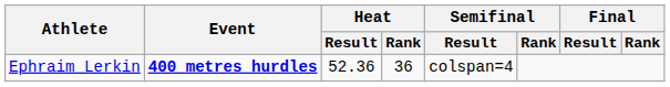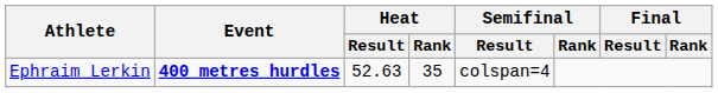 <table class=wikitable style=font-size:90%>
 <tr>
 <th rowspan=2>Athlete</th>
 <th rowspan=2>Event</th>
 <th colspan=2>Heat</th>
 <th colspan=2>Semifinal</th>
 <th colspan=2>Final</th>
 </tr>
 <tr style=font-size:95%>
 <th>Result</th>
 <th>Rank</th>
 <th>Result</th>
 <th>Rank</th>
 <th>Result</th>
 <th>Rank</th>
 </tr>
 <tr align=center>
 <td align=left><a href='#'>Ephraim Lerkin</a></td>
 <td align=left><strong><a href='#'>400 metres hurdles</a></strong></td>
-<td>52.36</td>
-<td>36</td>
+<td>52.63</td>
+<td>35</td>
 <td>colspan=4 </td>
 </tr>
 </table>
